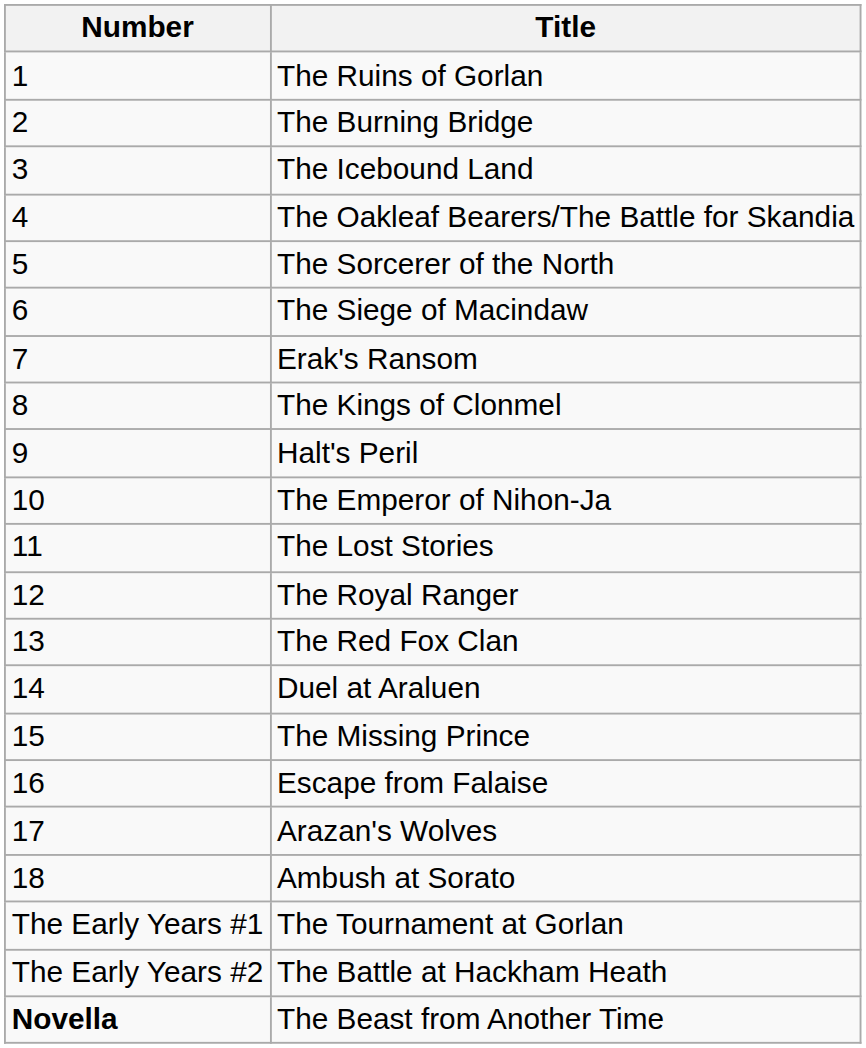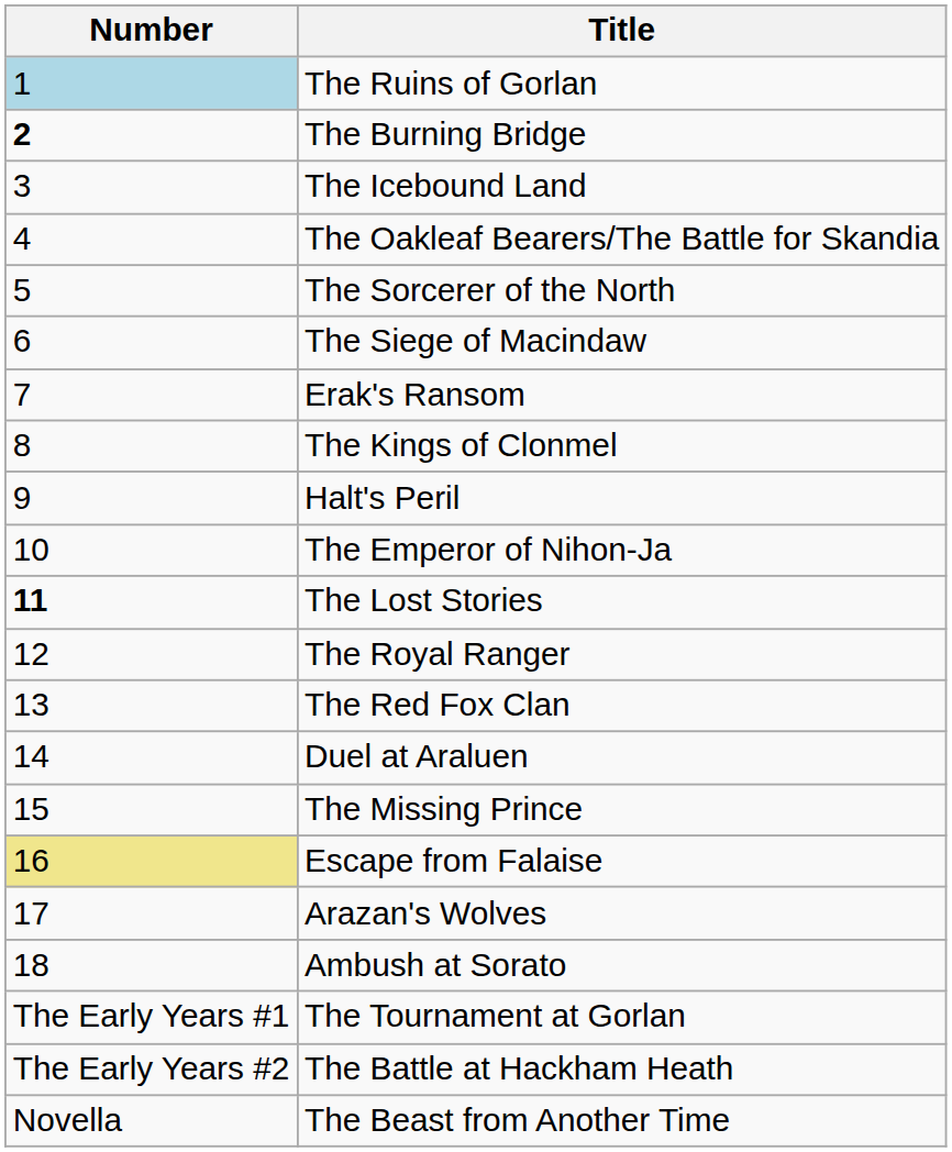 <table class="wikitable">
 <tr>
 <th>Number</th>
 <th>Title</th>
 </tr>
 <tr>
-<td>1</td>
+<td style="background: lightblue;">1</td>
 <td>The Ruins of Gorlan</td>
 </tr>
 <tr>
-<td>2</td>
+<td><strong>2</strong></td>
 <td>The Burning Bridge</td>
 </tr>
 <tr>
 <td>3</td>
 <td>The Icebound Land</td>
 </tr>
 <tr>
 <td>4</td>
 <td>The Oakleaf Bearers/The Battle for Skandia</td>
 </tr>
 <tr>
 <td>5</td>
 <td>The Sorcerer of the North</td>
 </tr>
 <tr>
 <td>6</td>
 <td>The Siege of Macindaw</td>
 </tr>
 <tr>
 <td>7</td>
 <td>Erak's Ransom</td>
 </tr>
 <tr>
 <td>8</td>
 <td>The Kings of Clonmel</td>
 </tr>
 <tr>
 <td>9</td>
 <td>Halt's Peril</td>
 </tr>
 <tr>
 <td>10</td>
 <td>The Emperor of Nihon-Ja</td>
 </tr>
 <tr>
-<td>11</td>
+<td><strong>11</strong></td>
 <td>The Lost Stories</td>
 </tr>
 <tr>
 <td>12</td>
 <td>The Royal Ranger</td>
 </tr>
 <tr>
 <td>13</td>
 <td>The Red Fox Clan</td>
 </tr>
 <tr>
 <td>14</td>
 <td>Duel at Araluen</td>
 </tr>
 <tr>
 <td>15</td>
 <td>The Missing Prince</td>
 </tr>
 <tr>
-<td>16</td>
+<td style="background: khaki;">16</td>
 <td>Escape from Falaise</td>
 </tr>
 <tr>
 <td>17</td>
 <td>Arazan's Wolves</td>
 </tr>
 <tr>
 <td>18</td>
 <td>Ambush at Sorato</td>
 </tr>
 <tr>
 <td>The Early Years #1</td>
 <td>The Tournament at Gorlan</td>
 </tr>
 <tr>
 <td>The Early Years #2</td>
 <td>The Battle at Hackham Heath</td>
 </tr>
 <tr>
-<td><strong>Novella</strong></td>
+<td>Novella</td>
 <td>The Beast from Another Time</td>
 </tr>
 </table>
